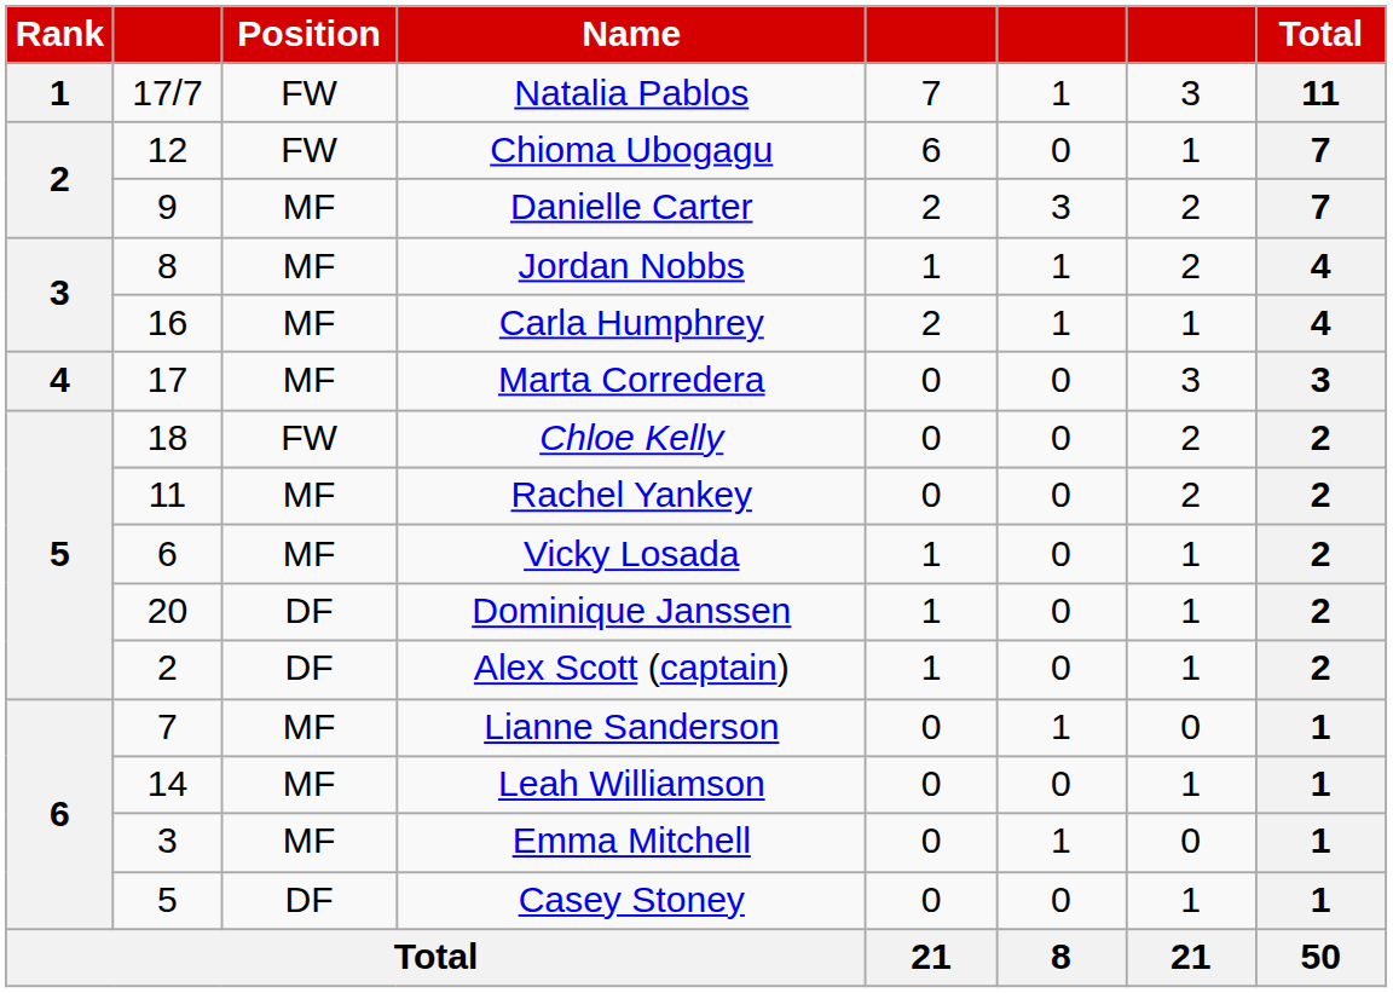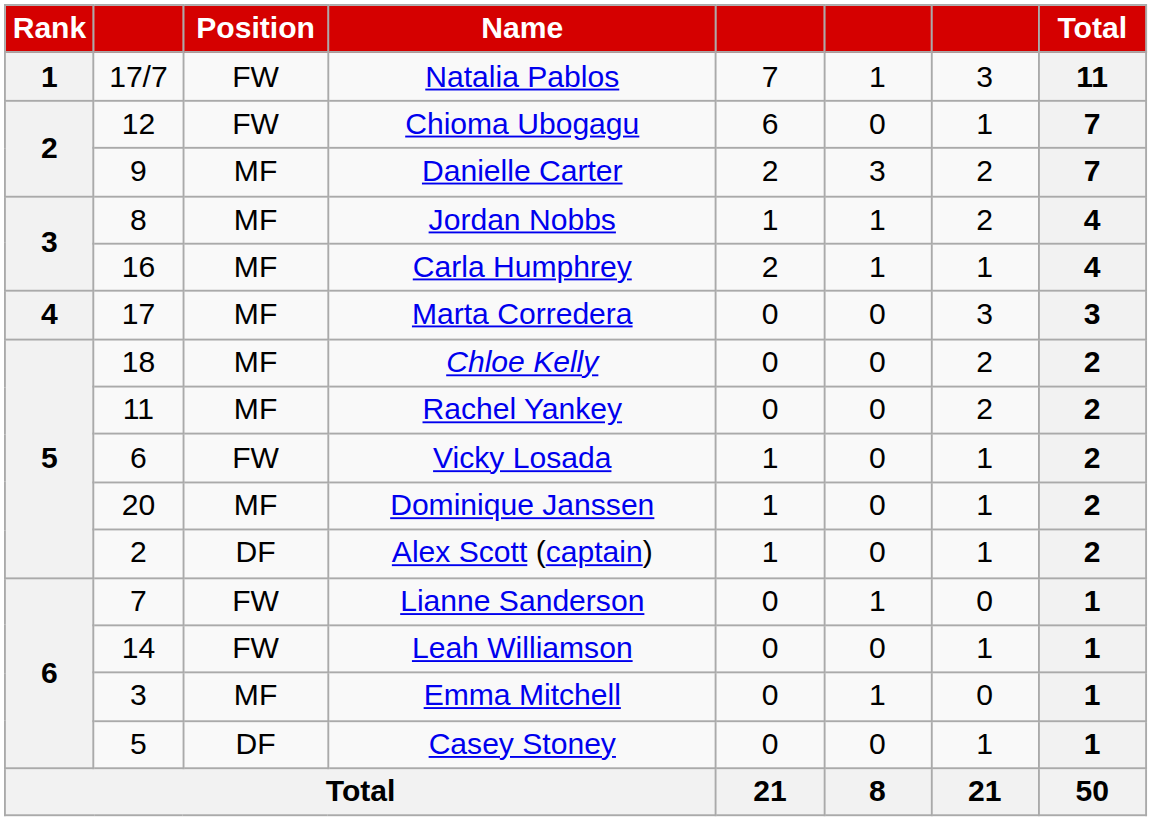 <table class="wikitable" style="text-align:center; font-size:100%; ">
 <tr>
 <th style="background:#d50000; color:white; text-align:center; width:40px">Rank</th>
 <th style="background:#d50000; color:white; text-align:center; width:40px"></th>
 <th style="background:#d50000; color:white; text-align:center; width:70px">Position</th>
 <th style="background:#d50000; color:white; text-align:center; width:200px">Name</th>
 <th style="background:#d50000; color:white; text-align:center; width:50px;"><a href='#'></a></th>
 <th style="background:#d50000; color:white; text-align:center; width:50px;"><a href='#'></a></th>
 <th style="background:#d50000; color:white; text-align:center; width:50px;"></th>
 <th style="background:#d50000; color:white; text-align:center; width:50px;">Total</th>
 </tr>
 <tr>
 <th>1</th>
 <td>17/7</td>
 <td>FW</td>
 <td> <a href='#'>Natalia Pablos</a></td>
 <td>7</td>
 <td>1</td>
 <td>3</td>
 <th>11</th>
 </tr>
 <tr>
 <th rowspan="2">2</th>
 <td>12</td>
 <td>FW</td>
 <td> <a href='#'>Chioma Ubogagu</a></td>
 <td>6</td>
 <td>0</td>
 <td>1</td>
 <th>7</th>
 </tr>
 <tr>
 <td>9</td>
 <td>MF</td>
 <td> <a href='#'>Danielle Carter</a></td>
 <td>2</td>
 <td>3</td>
 <td>2</td>
 <th>7</th>
 </tr>
 <tr>
 <th rowspan="2">3</th>
 <td>8</td>
 <td>MF</td>
 <td> <a href='#'>Jordan Nobbs</a></td>
 <td>1</td>
 <td>1</td>
 <td>2</td>
 <th>4</th>
 </tr>
 <tr>
 <td>16</td>
 <td>MF</td>
 <td> <a href='#'>Carla Humphrey</a></td>
 <td>2</td>
 <td>1</td>
 <td>1</td>
 <th>4</th>
 </tr>
 <tr>
 <th>4</th>
 <td>17</td>
 <td>MF</td>
 <td> <a href='#'>Marta Corredera</a></td>
 <td>0</td>
 <td>0</td>
 <td>3</td>
 <th>3</th>
 </tr>
 <tr>
 <th rowspan="5">5</th>
 <td>18</td>
-<td>FW</td>
+<td>MF</td>
 <td><em> <a href='#'>Chloe Kelly</a></em></td>
 <td>0</td>
 <td>0</td>
 <td>2</td>
 <th>2</th>
 </tr>
 <tr>
 <td>11</td>
 <td>MF</td>
 <td> <a href='#'>Rachel Yankey</a></td>
 <td>0</td>
 <td>0</td>
 <td>2</td>
 <th>2</th>
 </tr>
 <tr>
 <td>6</td>
-<td>MF</td>
+<td>FW</td>
 <td> <a href='#'>Vicky Losada</a></td>
 <td>1</td>
 <td>0</td>
 <td>1</td>
 <th>2</th>
 </tr>
 <tr>
 <td>20</td>
-<td>DF</td>
+<td>MF</td>
 <td> <a href='#'>Dominique Janssen</a></td>
 <td>1</td>
 <td>0</td>
 <td>1</td>
 <th>2</th>
 </tr>
 <tr>
 <td>2</td>
 <td>DF</td>
 <td> <a href='#'>Alex Scott</a> (<a href='#'>captain</a>)</td>
 <td>1</td>
 <td>0</td>
 <td>1</td>
 <th>2</th>
 </tr>
 <tr>
 <th rowspan="4">6</th>
 <td>7</td>
-<td>MF</td>
+<td>FW</td>
 <td> <a href='#'>Lianne Sanderson</a></td>
 <td>0</td>
 <td>1</td>
 <td>0</td>
 <th>1</th>
 </tr>
 <tr>
 <td>14</td>
-<td>MF</td>
+<td>FW</td>
 <td> <a href='#'>Leah Williamson</a></td>
 <td>0</td>
 <td>0</td>
 <td>1</td>
 <th>1</th>
 </tr>
 <tr>
 <td>3</td>
 <td>MF</td>
 <td> <a href='#'>Emma Mitchell</a></td>
 <td>0</td>
 <td>1</td>
 <td>0</td>
 <th>1</th>
 </tr>
 <tr>
 <td>5</td>
 <td>DF</td>
 <td> <a href='#'>Casey Stoney</a></td>
 <td>0</td>
 <td>0</td>
 <td>1</td>
 <th>1</th>
 </tr>
 <tr>
 <th colspan="4">Total</th>
 <th>21</th>
 <th>8</th>
 <th>21</th>
 <th>50</th>
 </tr>
 </table>
